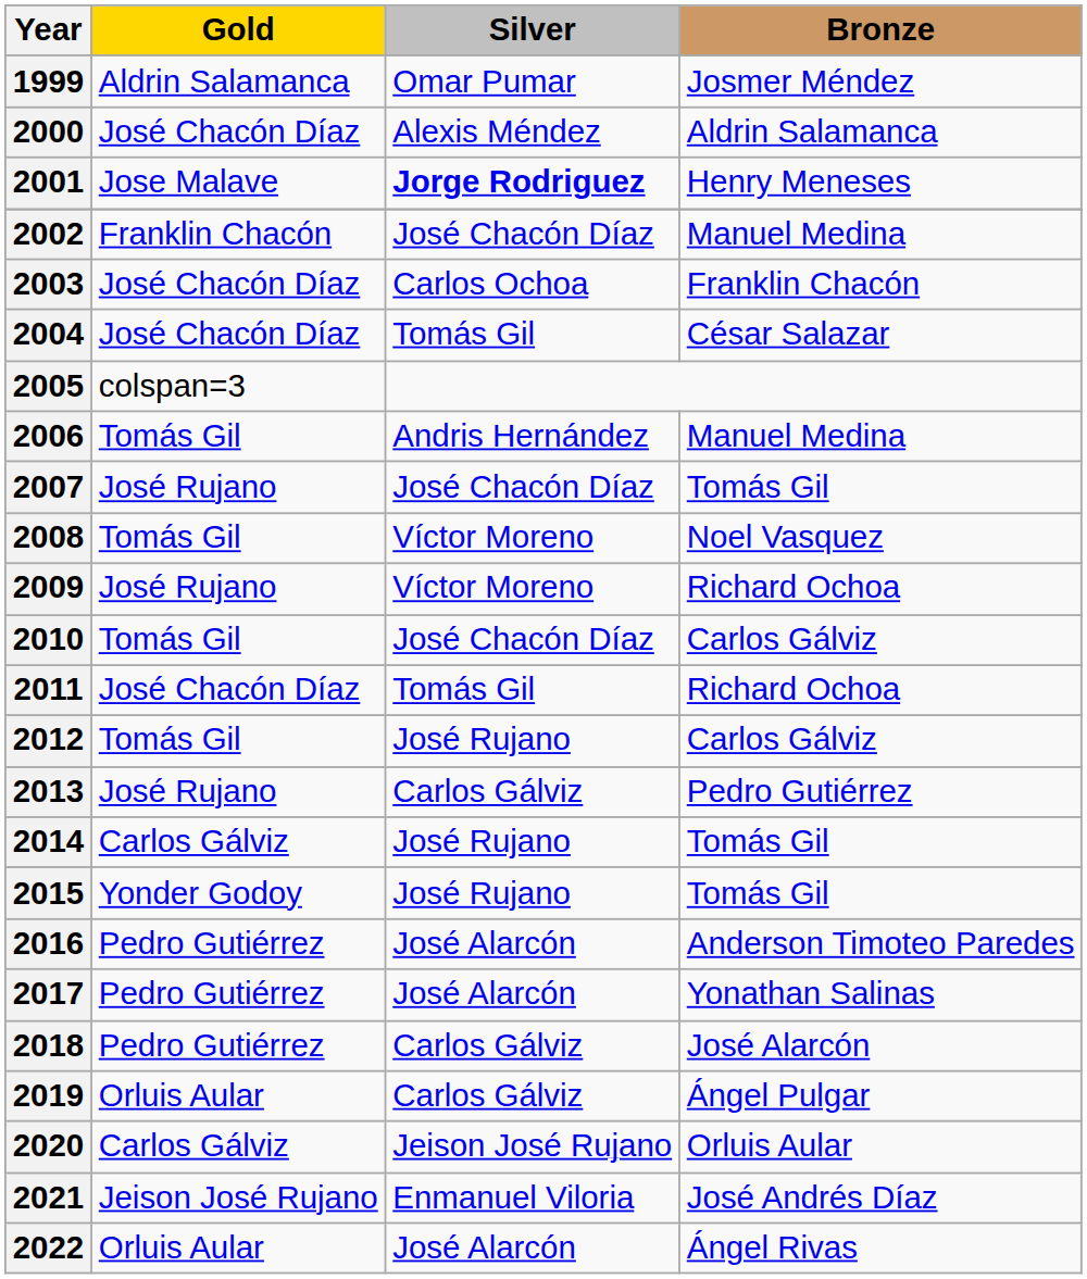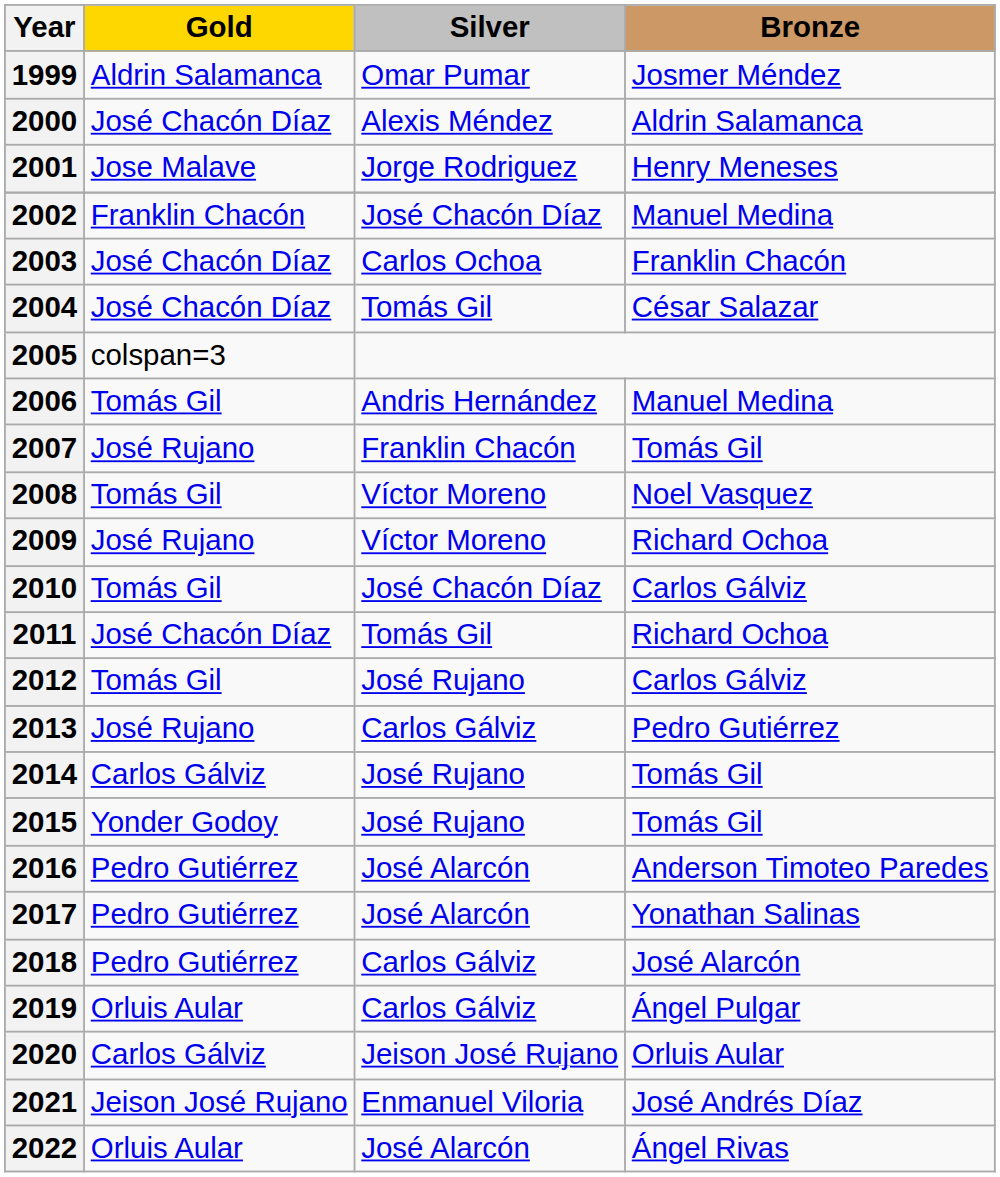 <table class="wikitable sortable">
 <tr>
 <th scope=col>Year</th>
 <th scope=col style="background-color:Gold">Gold</th>
 <th scope=col style="background-color:Silver">Silver</th>
 <th scope=col style="background-color:#cc9966">Bronze</th>
 </tr>
 <tr>
 <th>1999</th>
 <td><a href='#'>Aldrin Salamanca</a></td>
 <td><a href='#'>Omar Pumar</a></td>
 <td><a href='#'>Josmer Méndez</a></td>
 </tr>
 <tr>
 <th>2000</th>
 <td><a href='#'>José Chacón Díaz</a></td>
 <td><a href='#'>Alexis Méndez</a></td>
 <td><a href='#'>Aldrin Salamanca</a></td>
 </tr>
 <tr>
 <th>2001</th>
 <td><a href='#'>Jose Malave</a></td>
-<td><strong><a href='#'>Jorge Rodriguez</a></strong></td>
+<td><a href='#'>Jorge Rodriguez</a></td>
 <td><a href='#'>Henry Meneses</a></td>
 </tr>
 <tr>
 </tr>
 <tr>
 <th>2002</th>
 <td><a href='#'>Franklin Chacón</a></td>
 <td><a href='#'>José Chacón Díaz</a></td>
 <td><a href='#'>Manuel Medina</a></td>
 </tr>
 <tr>
 <th>2003</th>
 <td><a href='#'>José Chacón Díaz</a></td>
 <td><a href='#'>Carlos Ochoa</a></td>
 <td><a href='#'>Franklin Chacón</a></td>
 </tr>
 <tr>
 <th>2004</th>
 <td><a href='#'>José Chacón Díaz</a></td>
 <td><a href='#'>Tomás Gil</a></td>
 <td><a href='#'>César Salazar</a></td>
 </tr>
 <tr>
 <th>2005</th>
 <td>colspan=3 </td>
 </tr>
 <tr>
 <th>2006</th>
 <td><a href='#'>Tomás Gil</a></td>
 <td><a href='#'>Andris Hernández</a></td>
 <td><a href='#'>Manuel Medina</a></td>
 </tr>
 <tr>
 <th>2007</th>
 <td><a href='#'>José Rujano</a></td>
-<td><a href='#'>José Chacón Díaz</a></td>
+<td><a href='#'>Franklin Chacón</a></td>
 <td><a href='#'>Tomás Gil</a></td>
 </tr>
 <tr>
 <th>2008</th>
 <td><a href='#'>Tomás Gil</a></td>
 <td><a href='#'>Víctor Moreno</a></td>
 <td><a href='#'>Noel Vasquez</a></td>
 </tr>
 <tr>
 <th>2009</th>
 <td><a href='#'>José Rujano</a></td>
 <td><a href='#'>Víctor Moreno</a></td>
 <td><a href='#'>Richard Ochoa</a></td>
 </tr>
 <tr>
 <th>2010</th>
 <td><a href='#'>Tomás Gil</a></td>
 <td><a href='#'>José Chacón Díaz</a></td>
 <td><a href='#'>Carlos Gálviz</a></td>
 </tr>
 <tr>
 <th>2011</th>
 <td><a href='#'>José Chacón Díaz</a></td>
 <td><a href='#'>Tomás Gil</a></td>
 <td><a href='#'>Richard Ochoa</a></td>
 </tr>
 <tr>
 <th>2012</th>
 <td><a href='#'>Tomás Gil</a></td>
 <td><a href='#'>José Rujano</a></td>
 <td><a href='#'>Carlos Gálviz</a></td>
 </tr>
 <tr>
 <th>2013</th>
 <td><a href='#'>José Rujano</a></td>
 <td><a href='#'>Carlos Gálviz</a></td>
 <td><a href='#'>Pedro Gutiérrez</a></td>
 </tr>
 <tr>
 <th>2014</th>
 <td><a href='#'>Carlos Gálviz</a></td>
 <td><a href='#'>José Rujano</a></td>
 <td><a href='#'>Tomás Gil</a></td>
 </tr>
 <tr>
 <th>2015</th>
 <td><a href='#'>Yonder Godoy</a></td>
 <td><a href='#'>José Rujano</a></td>
 <td><a href='#'>Tomás Gil</a></td>
 </tr>
 <tr>
 <th>2016</th>
 <td><a href='#'>Pedro Gutiérrez</a></td>
 <td><a href='#'>José Alarcón</a></td>
 <td><a href='#'>Anderson Timoteo Paredes</a></td>
 </tr>
 <tr>
 <th>2017</th>
 <td><a href='#'>Pedro Gutiérrez</a></td>
 <td><a href='#'>José Alarcón</a></td>
 <td><a href='#'>Yonathan Salinas</a></td>
 </tr>
 <tr>
 <th>2018</th>
 <td><a href='#'>Pedro Gutiérrez</a></td>
 <td><a href='#'>Carlos Gálviz</a></td>
 <td><a href='#'>José Alarcón</a></td>
 </tr>
 <tr>
 <th>2019</th>
 <td><a href='#'>Orluis Aular</a></td>
 <td><a href='#'>Carlos Gálviz</a></td>
 <td><a href='#'>Ángel Pulgar</a></td>
 </tr>
 <tr>
 <th>2020</th>
 <td><a href='#'>Carlos Gálviz</a></td>
 <td><a href='#'>Jeison José Rujano</a></td>
 <td><a href='#'>Orluis Aular</a></td>
 </tr>
 <tr>
 <th>2021</th>
 <td><a href='#'>Jeison José Rujano</a></td>
 <td><a href='#'>Enmanuel Viloria</a></td>
 <td><a href='#'>José Andrés Díaz</a></td>
 </tr>
 <tr>
 <th>2022</th>
 <td><a href='#'>Orluis Aular</a></td>
 <td><a href='#'>José Alarcón</a></td>
 <td><a href='#'>Ángel Rivas</a></td>
 </tr>
 </table>
